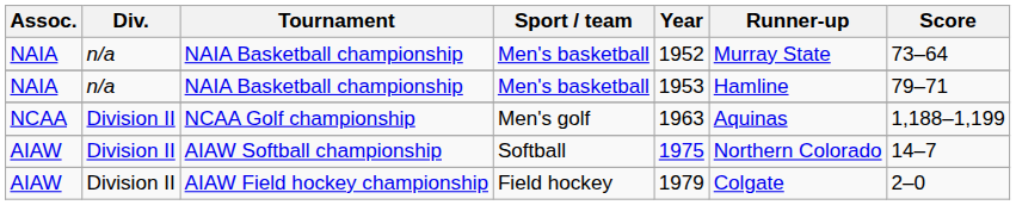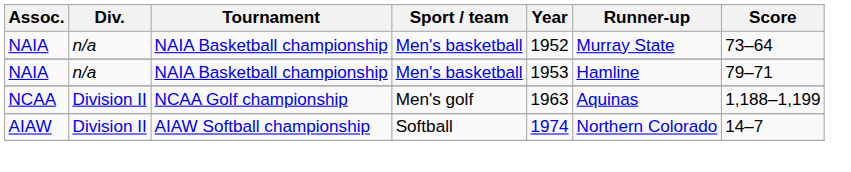 <table class="wikitable"; style= "text-align: ">
 <tr>
 <th width=px>Assoc.</th>
 <th width=px>Div.</th>
 <th width=px>Tournament</th>
 <th width=px>Sport / team</th>
 <th width=px>Year</th>
 <th width=px>Runner-up</th>
 <th width=px>Score</th>
 </tr>
 <tr>
 <td><a href='#'>NAIA</a></td>
 <td><em>n/a</em></td>
 <td><a href='#'>NAIA Basketball championship</a></td>
 <td><a href='#'>Men's basketball</a></td>
 <td>1952</td>
 <td><a href='#'>Murray State</a></td>
 <td>73–64</td>
 </tr>
 <tr --->
 </tr>
 <tr>
 <td><a href='#'>NAIA</a></td>
 <td><em>n/a</em></td>
 <td><a href='#'>NAIA Basketball championship</a></td>
 <td><a href='#'>Men's basketball</a></td>
 <td>1953</td>
 <td><a href='#'>Hamline</a></td>
 <td>79–71</td>
 </tr>
 <tr --->
 </tr>
 <tr>
 <td><a href='#'>NCAA</a></td>
 <td><a href='#'>Division II</a></td>
 <td><a href='#'>NCAA Golf championship</a></td>
 <td>Men's golf</td>
 <td>1963</td>
 <td><a href='#'>Aquinas</a></td>
 <td>1,188–1,199</td>
 </tr>
 <tr --->
 </tr>
 <tr>
 <td><a href='#'>AIAW</a></td>
 <td><a href='#'>Division II</a></td>
 <td><a href='#'>AIAW Softball championship</a> </td>
 <td>Softball</td>
-<td><a href='#'>1975</a></td>
+<td><a href='#'>1974</a></td>
 <td><a href='#'>Northern Colorado</a></td>
 <td>14–7</td>
 </tr>
 <tr --->
 </tr>
-<tr>
-<td><a href='#'>AIAW</a></td>
-<td>Division II</td>
-<td><a href='#'>AIAW Field hockey championship</a></td>
-<td>Field hockey</td>
-<td>1979</td>
-<td><a href='#'>Colgate</a></td>
-<td>2–0</td>
-</tr>
 </table>
